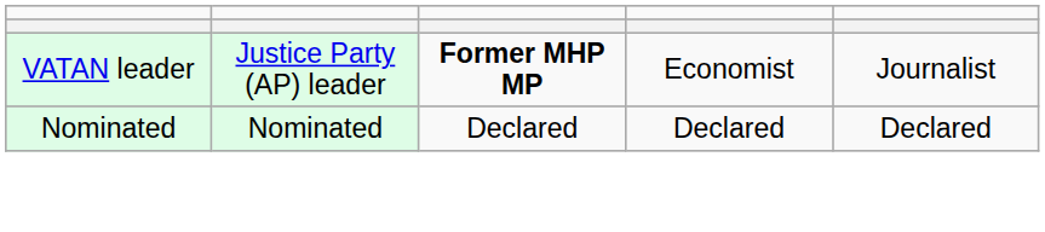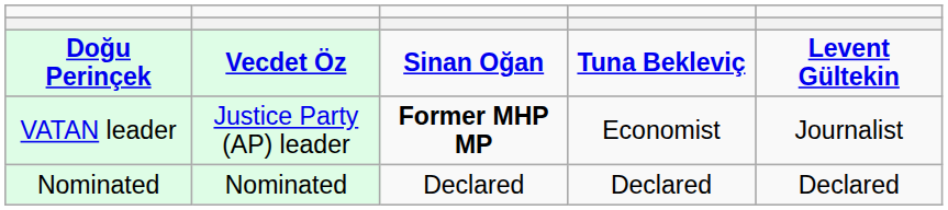 <table class="wikitable" style="margin:1em auto; font-size:90%; text-align:center;">
 <tr>
 <td></td>
 <td></td>
 <td></td>
 <td></td>
 <td></td>
 </tr>
 <tr>
 <th style="width:100px; font-size:100%; background:"></th>
 <th style="width:100px; font-size:100%; background:"></th>
 <th style="width:100px; font-size:100%; background:"></th>
 <th style="width:100px; font-size:100%; background:"></th>
 <th style="width:100px; font-size:100%; background:"></th>
 </tr>
 <tr>
+<td style="width:100px; font-size:100%; background:#DEFDE6;"><strong><a href='#'>Doğu Perinçek</a></strong></td>
+<td style="width:100px; font-size:100%; background:#DEFDE6;"><strong><a href='#'>Vecdet Öz</a></strong></td>
+<td><strong><a href='#'>Sinan Oğan</a></strong></td>
+<td><strong><a href='#'>Tuna Bekleviç</a></strong></td>
+<td><strong><a href='#'>Levent Gültekin</a></strong></td>
+</tr>
+<tr>
 <td style="width:100px; font-size:100%; background:#DEFDE6;"><a href='#'>VATAN</a> leader</td>
 <td style="width:100px; font-size:100%; background:#DEFDE6;"><a href='#'>Justice Party</a> (AP) leader</td>
 <td><strong>Former MHP MP</strong></td>
 <td>Economist</td>
 <td>Journalist</td>
 </tr>
 <tr>
 <td style="width:100px; font-size:100%; background:#DEFDE6;">Nominated </td>
 <td style="width:100px; font-size:100%; background:#DEFDE6;">Nominated </td>
 <td>Declared</td>
 <td>Declared</td>
 <td>Declared</td>
 </tr>
 </table>
